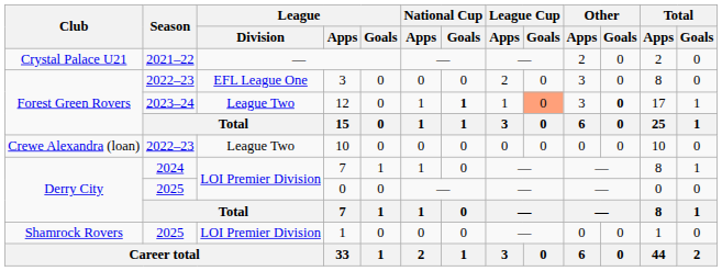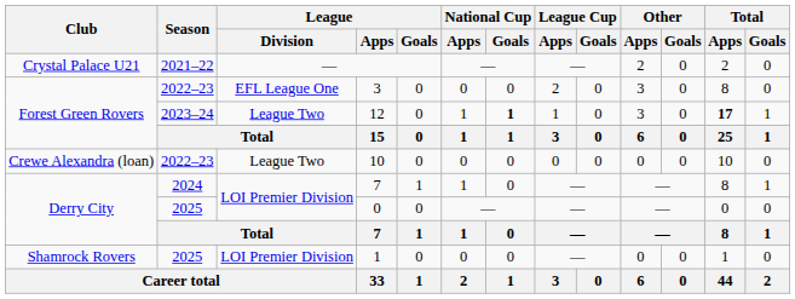 <table class="wikitable" style="text-align:center">
 <tr>
 <th rowspan="2">Club</th>
 <th rowspan="2">Season</th>
 <th colspan="3">League</th>
 <th colspan="2">National Cup</th>
 <th colspan="2">League Cup</th>
 <th colspan="2">Other</th>
 <th colspan="2">Total</th>
 </tr>
 <tr>
 <th>Division</th>
 <th>Apps</th>
 <th>Goals</th>
 <th>Apps</th>
 <th>Goals</th>
 <th>Apps</th>
 <th>Goals</th>
 <th>Apps</th>
 <th>Goals</th>
 <th>Apps</th>
 <th>Goals</th>
 </tr>
 <tr>
 <td><a href='#'>Crystal Palace U21</a></td>
 <td><a href='#'>2021–22</a></td>
 <td colspan="3">—</td>
 <td colspan="2">—</td>
 <td colspan="2">—</td>
 <td>2</td>
 <td>0</td>
 <td>2</td>
 <td>0</td>
 </tr>
 <tr>
 <td rowspan="3"><a href='#'>Forest Green Rovers</a></td>
 <td><a href='#'>2022–23</a></td>
 <td><a href='#'>EFL League One</a></td>
 <td>3</td>
 <td>0</td>
 <td>0</td>
 <td>0</td>
 <td>2</td>
 <td>0</td>
 <td>3</td>
 <td>0</td>
 <td>8</td>
 <td>0</td>
 </tr>
 <tr>
 <td><a href='#'>2023–24</a></td>
 <td><a href='#'>League Two</a></td>
 <td>12</td>
 <td>0</td>
 <td>1</td>
 <td><strong>1</strong></td>
 <td>1</td>
-<td style="background: lightsalmon;">0</td>
+<td>0</td>
 <td>3</td>
-<td><strong>0</strong></td>
-<td>17</td>
+<td>0</td>
+<td><strong>17</strong></td>
 <td>1</td>
 </tr>
 <tr>
 <th colspan="2">Total</th>
 <th>15</th>
 <th>0</th>
 <th>1</th>
 <th>1</th>
 <th>3</th>
 <th>0</th>
 <th>6</th>
 <th>0</th>
 <th>25</th>
 <th>1</th>
 </tr>
 <tr>
 <td><a href='#'>Crewe Alexandra</a> (loan)</td>
 <td><a href='#'>2022–23</a></td>
 <td>League Two</td>
 <td>10</td>
 <td>0</td>
 <td>0</td>
 <td>0</td>
 <td>0</td>
 <td>0</td>
 <td>0</td>
 <td>0</td>
 <td>10</td>
 <td>0</td>
 </tr>
 <tr>
 <td rowspan="3"><a href='#'>Derry City</a></td>
 <td><a href='#'>2024</a></td>
 <td rowspan="2"><a href='#'>LOI Premier Division</a></td>
 <td>7</td>
 <td>1</td>
 <td>1</td>
 <td>0</td>
 <td colspan="2">—</td>
 <td colspan="2">—</td>
 <td>8</td>
 <td>1</td>
 </tr>
 <tr>
 <td><a href='#'>2025</a></td>
 <td>0</td>
 <td>0</td>
 <td colspan="2">—</td>
 <td colspan="2">—</td>
 <td colspan="2">—</td>
 <td>0</td>
 <td>0</td>
 </tr>
 <tr>
 <th colspan="2">Total</th>
 <th>7</th>
 <th>1</th>
 <th>1</th>
 <th>0</th>
 <th colspan="2">—</th>
 <th colspan="2">—</th>
 <th>8</th>
 <th>1</th>
 </tr>
 <tr>
 <td><a href='#'>Shamrock Rovers</a></td>
 <td><a href='#'>2025</a></td>
 <td><a href='#'>LOI Premier Division</a></td>
 <td>1</td>
 <td>0</td>
 <td>0</td>
 <td>0</td>
 <td colspan="2">—</td>
 <td>0</td>
 <td>0</td>
 <td>1</td>
 <td>0</td>
 </tr>
 <tr>
 <th colspan="3">Career total</th>
 <th>33</th>
 <th>1</th>
 <th>2</th>
 <th>1</th>
 <th>3</th>
 <th>0</th>
 <th>6</th>
 <th>0</th>
 <th>44</th>
 <th>2</th>
 </tr>
 </table>
